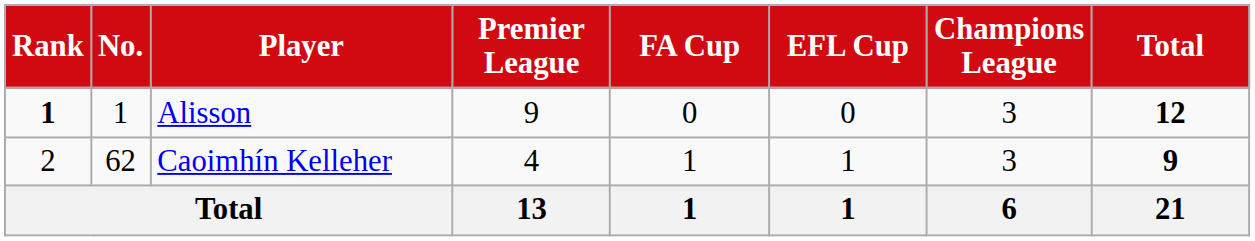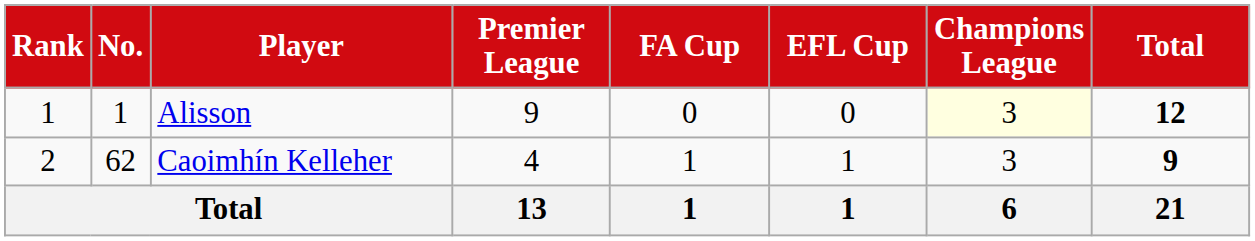 <table class="wikitable sortable" style="text-align:center">
 <tr>
 <th style="background:#D10A11;color:white;width:35px">Rank</th>
 <th style="background:#D10A11;color:white;width:10px">No.</th>
 <th style="background:#D10A11;color:white;width:150px">Player</th>
 <th style="background:#D10A11;color:white;width:75px">Premier League</th>
 <th style="background:#D10A11;color:white;width:75px">FA Cup</th>
 <th style="background:#D10A11;color:white;width:75px">EFL Cup</th>
 <th style="background:#D10A11;color:white;width:75px">Champions League</th>
 <th style="background:#D10A11;color:white;width:75px">Total</th>
 </tr>
 <tr>
-<td><strong>1</strong></td>
+<td>1</td>
 <td>1</td>
 <td style="text-align:left"> <a href='#'>Alisson</a></td>
 <td>9</td>
 <td>0</td>
 <td>0</td>
-<td>3</td>
+<td style="background: lightyellow;">3</td>
 <td><strong>12</strong></td>
 </tr>
 <tr>
 <td>2</td>
 <td>62</td>
 <td style="text-align:left"> <a href='#'>Caoimhín Kelleher</a></td>
 <td>4</td>
 <td>1</td>
 <td>1</td>
 <td>3</td>
 <td><strong>9</strong></td>
 </tr>
 <tr class="sortbottom">
 <th colspan="3">Total</th>
 <th>13</th>
 <th>1</th>
 <th>1</th>
 <th>6</th>
 <th>21</th>
 </tr>
 </table>
